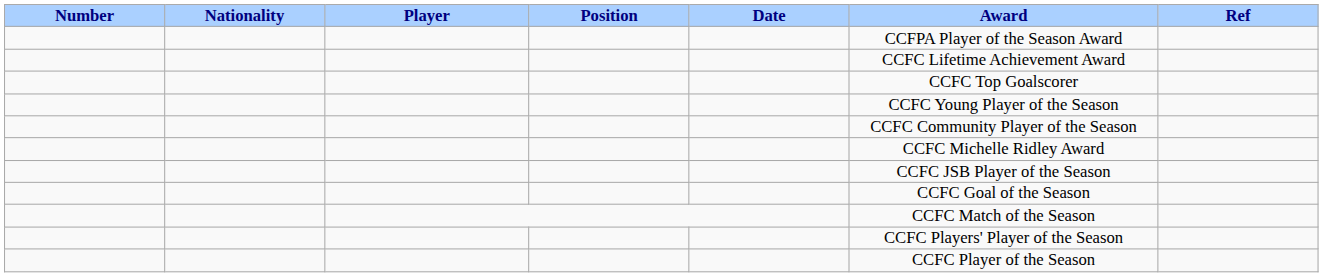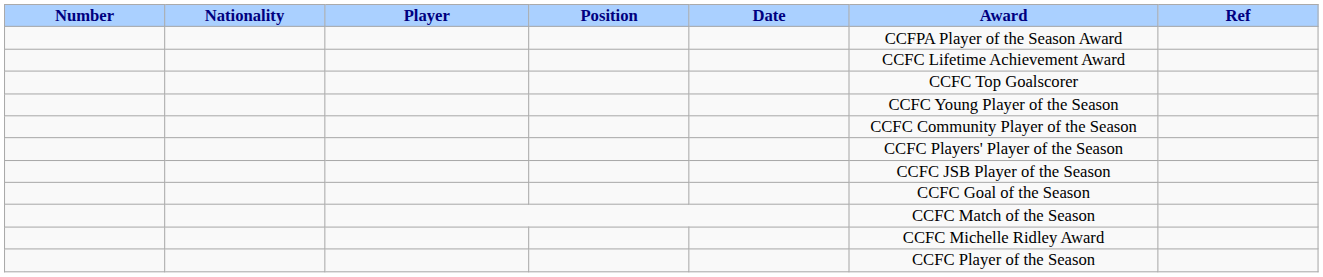 <table class="wikitable sortable alternance" style="font-size:100%; text-align:center; line-height:14px; width:100%;">
 <tr>
 <th style="background:#AAD0FF; color:#000080; width:100px;">Number</th>
 <th style="background:#AAD0FF; color:#000080; width:100px;">Nationality</th>
 <th style="background:#AAD0FF; color:#000080; width:130px;">Player</th>
 <th style="background:#AAD0FF; color:#000080; width:100px;">Position</th>
 <th style="background:#AAD0FF; color:#000080; width:100px;">Date</th>
 <th style="background:#AAD0FF; color:#000080; width:200px;">Award</th>
 <th style="background:#AAD0FF; color:#000080; width:100px;">Ref</th>
 </tr>
 <tr>
 <td></td>
 <td></td>
 <td></td>
 <td></td>
 <td></td>
 <td>CCFPA Player of the Season Award</td>
 <td></td>
 </tr>
 <tr>
 <td></td>
 <td></td>
 <td></td>
 <td></td>
 <td></td>
 <td>CCFC Lifetime Achievement Award</td>
 <td></td>
 </tr>
 <tr>
 <td></td>
 <td></td>
 <td></td>
 <td></td>
 <td></td>
 <td>CCFC Top Goalscorer</td>
 <td></td>
 </tr>
 <tr>
 <td></td>
 <td></td>
 <td></td>
 <td></td>
 <td></td>
 <td>CCFC Young Player of the Season</td>
 <td></td>
 </tr>
 <tr>
 <td></td>
 <td></td>
 <td></td>
 <td></td>
 <td></td>
 <td>CCFC Community Player of the Season</td>
 <td></td>
 </tr>
 <tr>
 <td></td>
 <td></td>
 <td></td>
 <td></td>
 <td></td>
-<td>CCFC Michelle Ridley Award</td>
+<td>CCFC Players' Player of the Season</td>
 <td></td>
 </tr>
 <tr>
 <td></td>
 <td></td>
 <td></td>
 <td></td>
 <td></td>
 <td>CCFC JSB Player of the Season</td>
 <td></td>
 </tr>
 <tr>
 <td></td>
 <td></td>
 <td></td>
 <td></td>
 <td></td>
 <td>CCFC Goal of the Season</td>
 <td></td>
 </tr>
 <tr>
 <td></td>
 <td></td>
 <td colspan="3"></td>
 <td>CCFC Match of the Season</td>
 <td></td>
 </tr>
 <tr>
 <td></td>
 <td></td>
 <td></td>
 <td></td>
 <td></td>
-<td>CCFC Players' Player of the Season</td>
+<td>CCFC Michelle Ridley Award</td>
 <td></td>
 </tr>
 <tr>
 <td></td>
 <td></td>
 <td></td>
 <td></td>
 <td></td>
 <td>CCFC Player of the Season</td>
 <td></td>
 </tr>
 </table>
